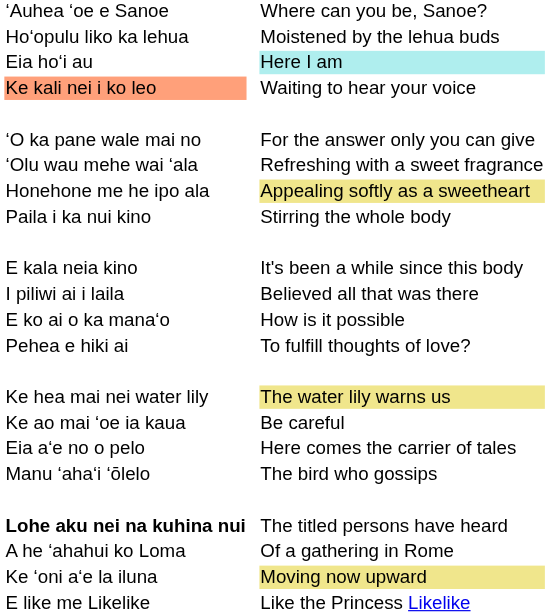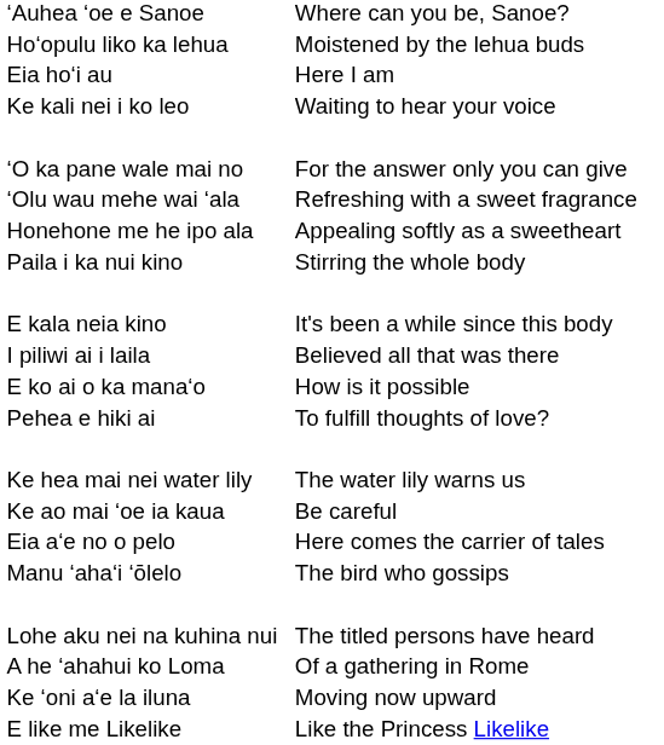 <table>
 <tr>
 <td>ʻAuhea ʻoe e Sanoe</td>
 <td rowspan=99> </td>
 <td>Where can you be, Sanoe?</td>
 </tr>
 <tr>
 <td>Hoʻopulu liko ka lehua</td>
 <td>Moistened by the lehua buds</td>
 </tr>
 <tr>
 <td>Eia hoʻi au</td>
-<td style="background: paleturquoise;">Here I am</td>
+<td>Here I am</td>
 </tr>
 <tr>
-<td style="background: lightsalmon;">Ke kali nei i ko leo</td>
+<td>Ke kali nei i ko leo</td>
 <td>Waiting to hear your voice</td>
 </tr>
 <tr>
 <td> </td>
 <td> </td>
 </tr>
 <tr>
 <td>ʻO ka pane wale mai no</td>
 <td>For the answer only you can give</td>
 </tr>
 <tr>
 <td>ʻOlu wau mehe wai ʻala</td>
 <td>Refreshing with a sweet fragrance</td>
 </tr>
 <tr>
 <td>Honehone me he ipo ala</td>
-<td style="background: khaki;">Appealing softly as a sweetheart</td>
+<td>Appealing softly as a sweetheart</td>
 </tr>
 <tr>
 <td>Paila i ka nui kino</td>
 <td>Stirring the whole body</td>
 </tr>
 <tr>
 <td> </td>
 <td> </td>
 </tr>
 <tr>
 <td>E kala neia kino</td>
 <td>It's been a while since this body</td>
 </tr>
 <tr>
 <td>I piliwi ai i laila</td>
 <td>Believed all that was there</td>
 </tr>
 <tr>
 <td>E ko ai o ka manaʻo</td>
 <td>How is it possible</td>
 </tr>
 <tr>
 <td>Pehea e hiki ai</td>
 <td>To fulfill thoughts of love?</td>
 </tr>
 <tr>
 <td> </td>
 <td> </td>
 </tr>
 <tr>
 <td>Ke hea mai nei water lily</td>
-<td style="background: khaki;">The water lily warns us</td>
+<td>The water lily warns us</td>
 </tr>
 <tr>
 <td>Ke ao mai ʻoe ia kaua</td>
 <td>Be careful</td>
 </tr>
 <tr>
 <td>Eia aʻe no o pelo</td>
 <td>Here comes the carrier of tales</td>
 </tr>
 <tr>
 <td>Manu ʻahaʻi ʻōlelo</td>
 <td>The bird who gossips</td>
 </tr>
 <tr>
 <td> </td>
 <td> </td>
 </tr>
 <tr>
-<td><strong>Lohe aku nei na kuhina nui</strong></td>
+<td>Lohe aku nei na kuhina nui</td>
 <td>The titled persons have heard</td>
 </tr>
 <tr>
 <td>A he ʻahahui ko Loma</td>
 <td>Of a gathering in Rome</td>
 </tr>
 <tr>
 <td>Ke ʻoni aʻe la iluna</td>
-<td style="background: khaki;">Moving now upward</td>
+<td>Moving now upward</td>
 </tr>
 <tr>
 <td>E like me Likelike</td>
 <td>Like the Princess <a href='#'>Likelike</a></td>
 </tr>
 </table>
